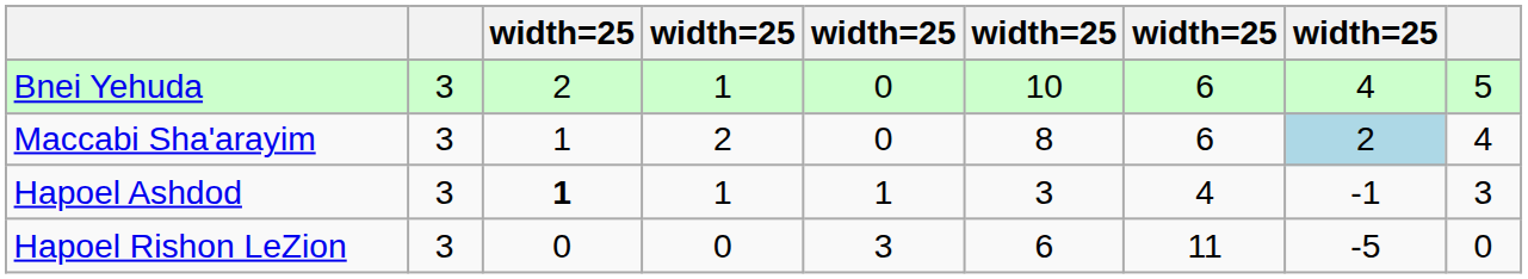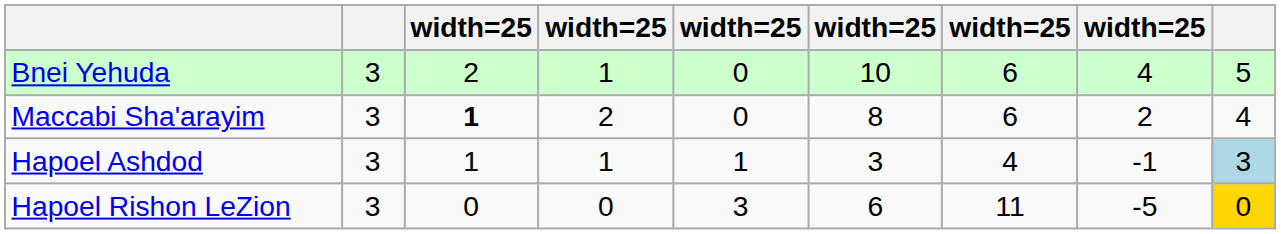 <table class="wikitable" style="text-align: center; font-size: 90%;">
 <tr>
 <th width=165></th>
 <th width=25></th>
 <th>width=25</th>
 <th>width=25</th>
 <th>width=25</th>
 <th>width=25</th>
 <th>width=25</th>
 <th>width=25</th>
 <th width=25></th>
 </tr>
 <tr bgcolor="#ccffcc">
 <td align="left"><a href='#'>Bnei Yehuda</a></td>
 <td>3</td>
 <td>2</td>
 <td>1</td>
 <td>0</td>
 <td>10</td>
 <td>6</td>
 <td>4</td>
 <td>5</td>
 </tr>
 <tr>
 <td align="left"><a href='#'>Maccabi Sha'arayim</a></td>
 <td>3</td>
-<td>1</td>
+<td><strong>1</strong></td>
 <td>2</td>
 <td>0</td>
 <td>8</td>
 <td>6</td>
-<td style="background: lightblue;">2</td>
+<td>2</td>
 <td>4</td>
 </tr>
 <tr>
 <td align="left"><a href='#'>Hapoel Ashdod</a></td>
 <td>3</td>
-<td><strong>1</strong></td>
+<td>1</td>
 <td>1</td>
 <td>1</td>
 <td>3</td>
 <td>4</td>
 <td>-1</td>
-<td>3</td>
+<td style="background: lightblue;">3</td>
 </tr>
 <tr>
 <td align="left"><a href='#'>Hapoel Rishon LeZion</a></td>
 <td>3</td>
 <td>0</td>
 <td>0</td>
 <td>3</td>
 <td>6</td>
 <td>11</td>
 <td>-5</td>
-<td>0</td>
+<td style="background: gold;">0</td>
 </tr>
 </table>
